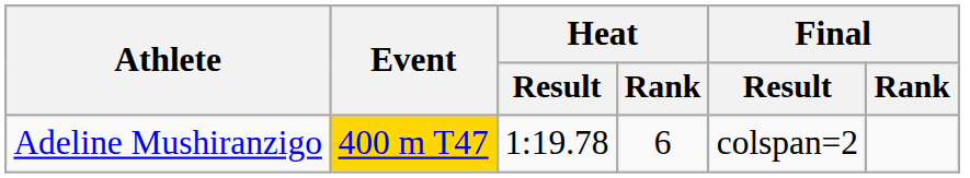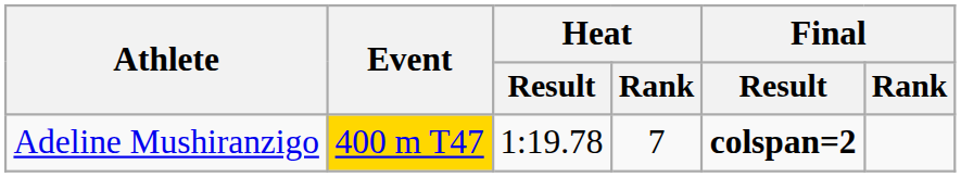 <table class="wikitable" style="font-size:90%">
 <tr>
 <th rowspan="2">Athlete</th>
 <th rowspan="2">Event</th>
 <th colspan="2">Heat</th>
 <th colspan="2">Final</th>
 </tr>
 <tr style="font-size:95%">
 <th>Result</th>
 <th>Rank</th>
 <th>Result</th>
 <th>Rank</th>
 </tr>
 <tr align=center>
 <td align=left><a href='#'>Adeline Mushiranzigo</a></td>
 <td align=left style="background: gold;"><a href='#'>400 m T47</a></td>
 <td>1:19.78</td>
-<td>6</td>
-<td>colspan=2 </td>
+<td>7</td>
+<td><strong>colspan=2 </strong></td>
 </tr>
 </table>
